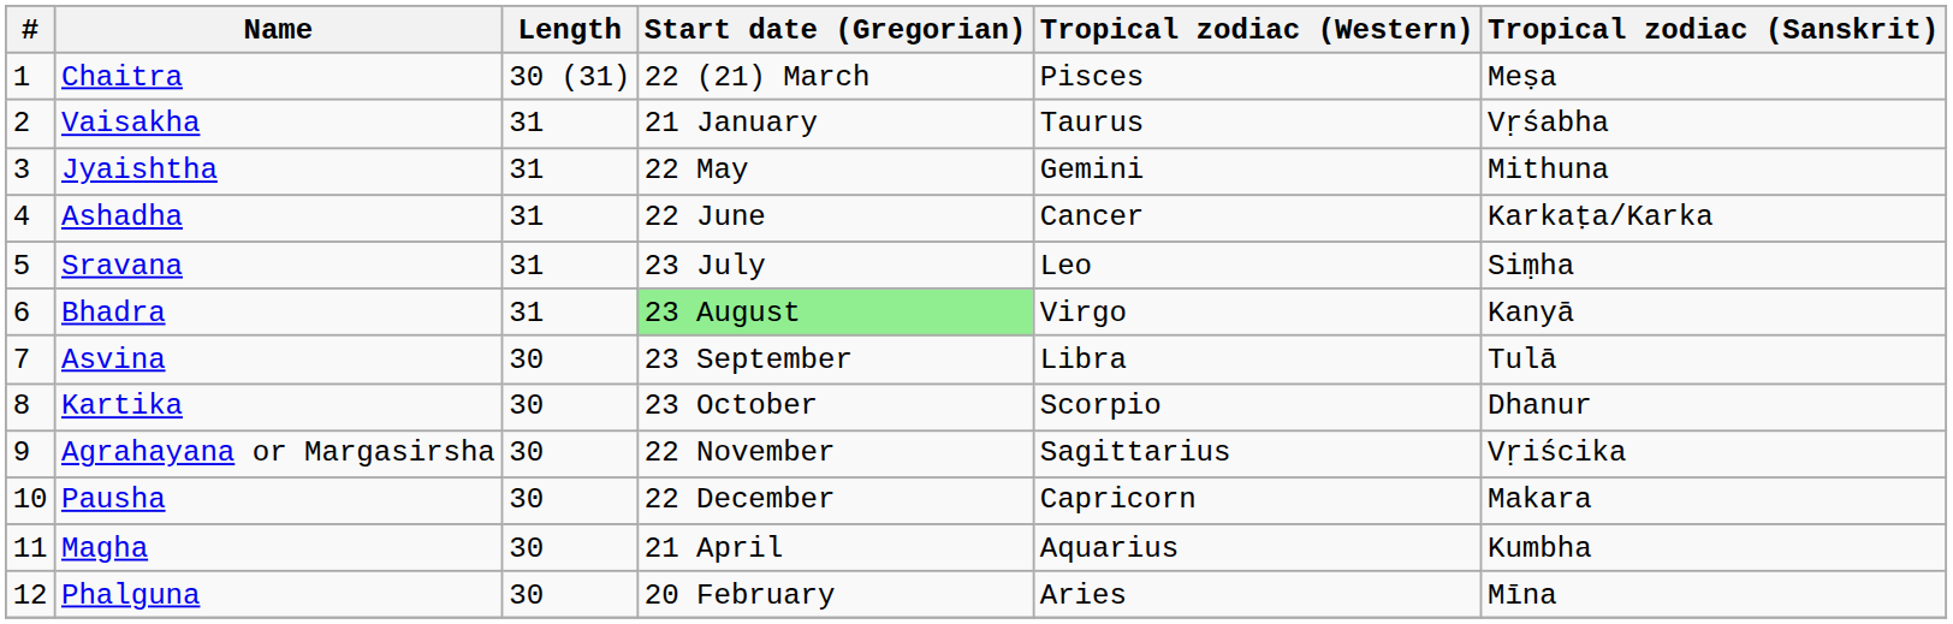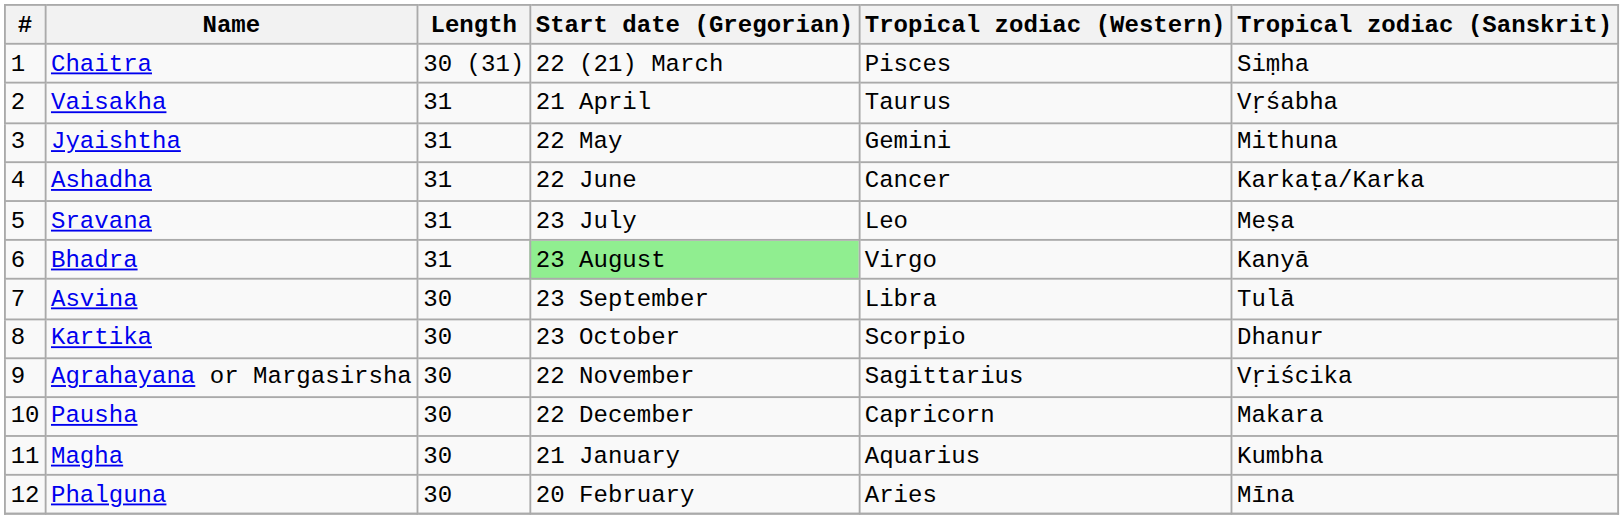 <table class="wikitable standard">
 <tr>
 <th>#</th>
 <th>Name</th>
 <th>Length</th>
 <th>Start date (Gregorian)</th>
 <th>Tropical zodiac (Western)</th>
 <th>Tropical zodiac (Sanskrit)</th>
 </tr>
 <tr>
 <td>1</td>
 <td><a href='#'>Chaitra</a></td>
 <td>30 (31)</td>
 <td>22 (21) March</td>
 <td>Pisces</td>
-<td>Meṣa</td>
+<td>Siṃha</td>
 </tr>
 <tr>
 <td>2</td>
 <td><a href='#'>Vaisakha</a></td>
 <td>31</td>
-<td>21 January</td>
+<td>21 April</td>
 <td>Taurus</td>
 <td>Vṛśabha</td>
 </tr>
 <tr>
 <td>3</td>
 <td><a href='#'>Jyaishtha</a></td>
 <td>31</td>
 <td>22 May</td>
 <td>Gemini</td>
 <td>Mithuna</td>
 </tr>
 <tr>
 <td>4</td>
 <td><a href='#'>Ashadha</a></td>
 <td>31</td>
 <td>22 June</td>
 <td>Cancer</td>
 <td>Karkaṭa/Karka</td>
 </tr>
 <tr>
 <td>5</td>
 <td><a href='#'>Sravana</a></td>
 <td>31</td>
 <td>23 July</td>
 <td>Leo</td>
-<td>Siṃha</td>
+<td>Meṣa</td>
 </tr>
 <tr>
 <td>6</td>
 <td><a href='#'>Bhadra</a></td>
 <td>31</td>
 <td style="background: lightgreen;">23 August</td>
 <td>Virgo</td>
 <td>Kanyā</td>
 </tr>
 <tr>
 <td>7</td>
 <td><a href='#'>Asvina</a></td>
 <td>30</td>
 <td>23 September</td>
 <td>Libra</td>
 <td>Tulā</td>
 </tr>
 <tr>
 <td>8</td>
 <td><a href='#'>Kartika</a></td>
 <td>30</td>
 <td>23 October</td>
 <td>Scorpio</td>
 <td>Dhanur</td>
 </tr>
 <tr>
 <td>9</td>
 <td><a href='#'>Agrahayana</a> or Margasirsha</td>
 <td>30</td>
 <td>22 November</td>
 <td>Sagittarius</td>
 <td>Vṛiścik‌‌‌a</td>
 </tr>
 <tr>
 <td>10</td>
 <td><a href='#'>Pausha</a></td>
 <td>30</td>
 <td>22 December</td>
 <td>Capricorn</td>
 <td>Makara</td>
 </tr>
 <tr>
 <td>11</td>
 <td><a href='#'>Magha</a></td>
 <td>30</td>
-<td>21 April</td>
+<td>21 January</td>
 <td>Aquarius</td>
 <td>Kumbha</td>
 </tr>
 <tr>
 <td>12</td>
 <td><a href='#'>Phalguna</a></td>
 <td>30</td>
 <td>20 February</td>
 <td>Aries</td>
 <td>Mīna</td>
 </tr>
 <tr>
 </tr>
 </table>
